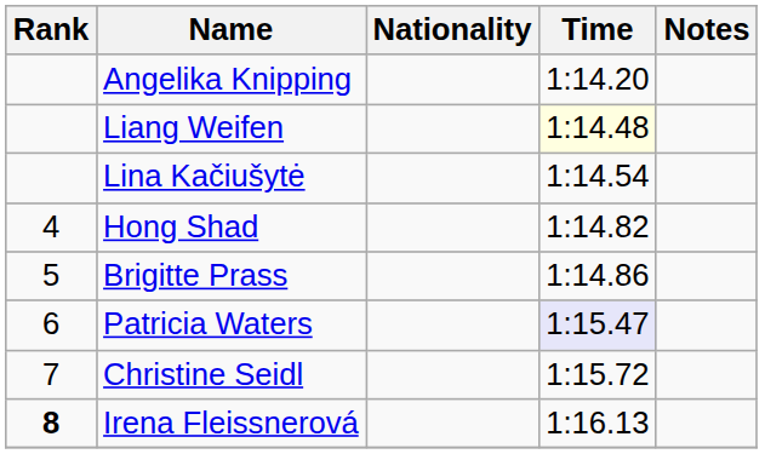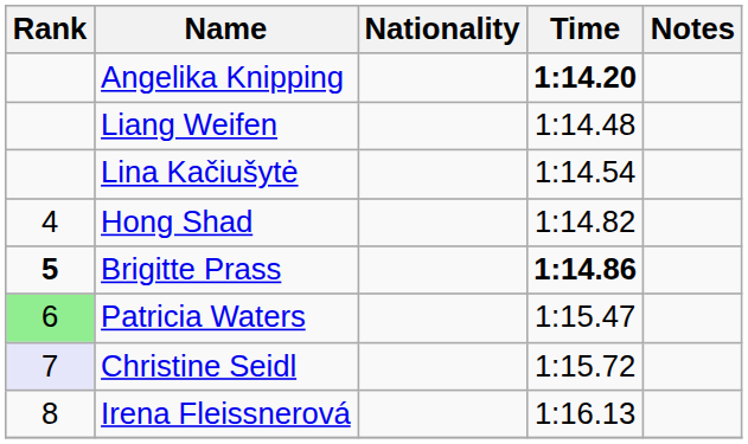 <table class="wikitable sortable" style="text-align:center">
 <tr>
 <th>Rank</th>
 <th>Name</th>
 <th>Nationality</th>
 <th>Time</th>
 <th>Notes</th>
 </tr>
 <tr>
 <td></td>
 <td align="left"><a href='#'>Angelika Knipping</a></td>
 <td align="left"></td>
-<td>1:14.20</td>
+<td><strong>1:14.20</strong></td>
 <td></td>
 </tr>
 <tr>
 <td></td>
 <td align="left"><a href='#'>Liang Weifen</a></td>
 <td align="left"></td>
-<td style="background: lightyellow;">1:14.48</td>
+<td>1:14.48</td>
 <td></td>
 </tr>
 <tr>
 <td></td>
 <td align="left"><a href='#'>Lina Kačiušytė</a></td>
 <td align="left"></td>
 <td>1:14.54</td>
 <td></td>
 </tr>
 <tr>
 <td>4</td>
 <td align="left"><a href='#'>Hong Shad</a></td>
 <td align="left"></td>
 <td>1:14.82</td>
 <td></td>
 </tr>
 <tr>
-<td>5</td>
+<td><strong>5</strong></td>
 <td align="left"><a href='#'>Brigitte Prass</a></td>
 <td align="left"></td>
-<td>1:14.86</td>
+<td><strong>1:14.86</strong></td>
 <td></td>
 </tr>
 <tr>
-<td>6</td>
+<td style="background: lightgreen;">6</td>
 <td align="left"><a href='#'>Patricia Waters</a></td>
 <td align="left"></td>
-<td style="background: lavender;">1:15.47</td>
+<td>1:15.47</td>
 <td></td>
 </tr>
 <tr>
-<td>7</td>
+<td style="background: lavender;">7</td>
 <td align="left"><a href='#'>Christine Seidl</a></td>
 <td align="left"></td>
 <td>1:15.72</td>
 <td></td>
 </tr>
 <tr>
-<td><strong>8</strong></td>
+<td>8</td>
 <td align="left"><a href='#'>Irena Fleissnerová</a></td>
 <td align="left"></td>
 <td>1:16.13</td>
 <td></td>
 </tr>
 <tr>
 </tr>
 </table>
